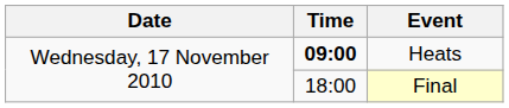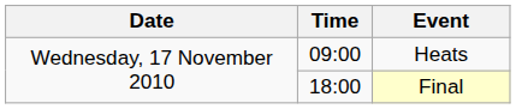 <table class = "wikitable" style="text-align:center;">
 <tr>
 <th width=220>Date</th>
 <th width=50>Time</th>
 <th width=100>Event</th>
 </tr>
 <tr>
 <td rowspan=2>Wednesday, 17 November 2010</td>
-<td><strong>09:00</strong></td>
+<td>09:00</td>
 <td>Heats</td>
 </tr>
 <tr>
 <td>18:00</td>
 <td bgcolor=ffffcc>Final</td>
 </tr>
 </table>
